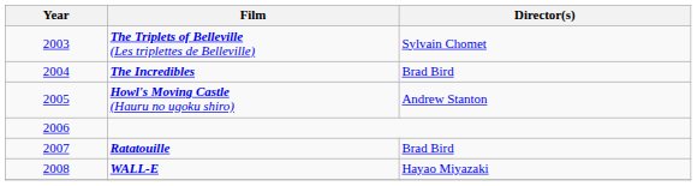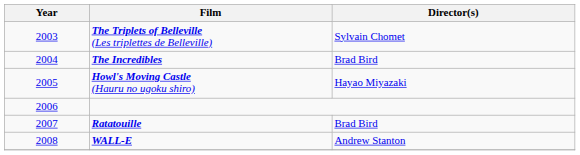 <table class="wikitable" width="95%" cellpadding="5">
 <tr>
 <th width="100"><strong>Year</strong></th>
 <th width="300"><strong>Film</strong></th>
 <th width="300"><strong>Director(s)</strong></th>
 </tr>
 <tr>
 <td align="center"><a href='#'>2003</a></td>
 <td><em><a href='#'><strong>The Triplets of Belleville</strong><br>(Les triplettes de Belleville)</a></em></td>
 <td><a href='#'>Sylvain Chomet</a></td>
 </tr>
 <tr>
 <td align="center"><a href='#'>2004</a></td>
 <td><strong><em><a href='#'>The Incredibles</a></em></strong></td>
 <td><a href='#'>Brad Bird</a></td>
 </tr>
 <tr>
 <td align="center"><a href='#'>2005</a></td>
 <td><em><a href='#'><strong>Howl's Moving Castle</strong><br>(Hauru no ugoku shiro)</a></em></td>
-<td><a href='#'>Andrew Stanton</a></td>
+<td><a href='#'>Hayao Miyazaki</a></td>
 </tr>
 <tr>
 <td align="center"><a href='#'>2006</a></td>
 <td colspan="2"></td>
 </tr>
 <tr>
 <td align="center"><a href='#'>2007</a></td>
 <td><strong><em><a href='#'>Ratatouille</a></em></strong></td>
 <td><a href='#'>Brad Bird</a></td>
 </tr>
 <tr>
 <td align="center"><a href='#'>2008</a></td>
 <td><strong><em><a href='#'>WALL-E</a></em></strong></td>
-<td><a href='#'>Hayao Miyazaki</a></td>
+<td><a href='#'>Andrew Stanton</a></td>
 </tr>
 <tr>
 </tr>
 </table>
